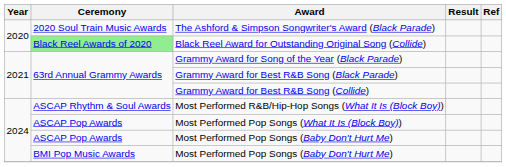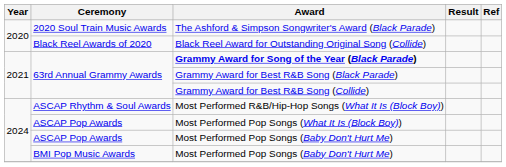 <table class="wikitable">
 <tr style="background:#ccc; text-align:center;">
 <th scope="col">Year</th>
 <th scope="col">Ceremony</th>
 <th scope="col">Award</th>
 <th scope="col">Result</th>
 <th>Ref</th>
 </tr>
 <tr>
 <td rowspan="2">2020</td>
 <td><a href='#'>2020 Soul Train Music Awards</a></td>
 <td><a href='#'>The Ashford & Simpson Songwriter's Award</a> (<em><a href='#'>Black Parade</a></em>)</td>
 <td></td>
 <td style="text-align:center;"></td>
 </tr>
 <tr>
-<td style="background: lightgreen;"><a href='#'>Black Reel Awards of 2020</a></td>
+<td><a href='#'>Black Reel Awards of 2020</a></td>
 <td><a href='#'>Black Reel Award for Outstanding Original Song</a> (<em><a href='#'>Collide</a></em>)</td>
 <td></td>
 <td style="text-align:center;"></td>
 </tr>
 <tr>
 <td rowspan="3">2021</td>
 <td rowspan="3"><a href='#'>63rd Annual Grammy Awards</a></td>
-<td><a href='#'>Grammy Award for Song of the Year</a> (<em><a href='#'>Black Parade</a></em>)</td>
+<td><strong><a href='#'>Grammy Award for Song of the Year</a> (<em><a href='#'>Black Parade</a></em>)</strong></td>
 <td></td>
 <td style="text-align:center;"></td>
 </tr>
 <tr>
 <td><a href='#'>Grammy Award for Best R&B Song</a> (<em><a href='#'>Black Parade</a></em>)</td>
 <td></td>
 <td style="text-align:center;"></td>
 </tr>
 <tr>
 <td><a href='#'>Grammy Award for Best R&B Song</a> (<em><a href='#'>Collide</a></em>)</td>
 <td></td>
 <td style="text-align:center;"></td>
 </tr>
 <tr>
 <td rowspan="4">2024</td>
 <td><a href='#'>ASCAP Rhythm & Soul Awards</a></td>
 <td>Most Performed R&B/Hip-Hop Songs (<em><a href='#'>What It Is (Block Boy)</a></em>)</td>
 <td></td>
 <td style="text-align:center;"></td>
 </tr>
 <tr>
 <td><a href='#'>ASCAP Pop Awards</a></td>
 <td>Most Performed Pop Songs (<em><a href='#'>What It Is (Block Boy)</a></em>)</td>
 <td></td>
 <td style="text-align:center;"></td>
 </tr>
 <tr>
 <td><a href='#'>ASCAP Pop Awards</a></td>
 <td>Most Performed Pop Songs (<em><a href='#'>Baby Don't Hurt Me</a></em>)</td>
 <td></td>
 <td style="text-align:center;"></td>
 </tr>
 <tr>
 <td><a href='#'>BMI Pop Music Awards</a></td>
 <td>Most Performed Pop Songs (<em><a href='#'>Baby Don't Hurt Me</a></em>)</td>
 <td></td>
 <td style="text-align:center;"></td>
 </tr>
 <tr>
 </tr>
 </table>
